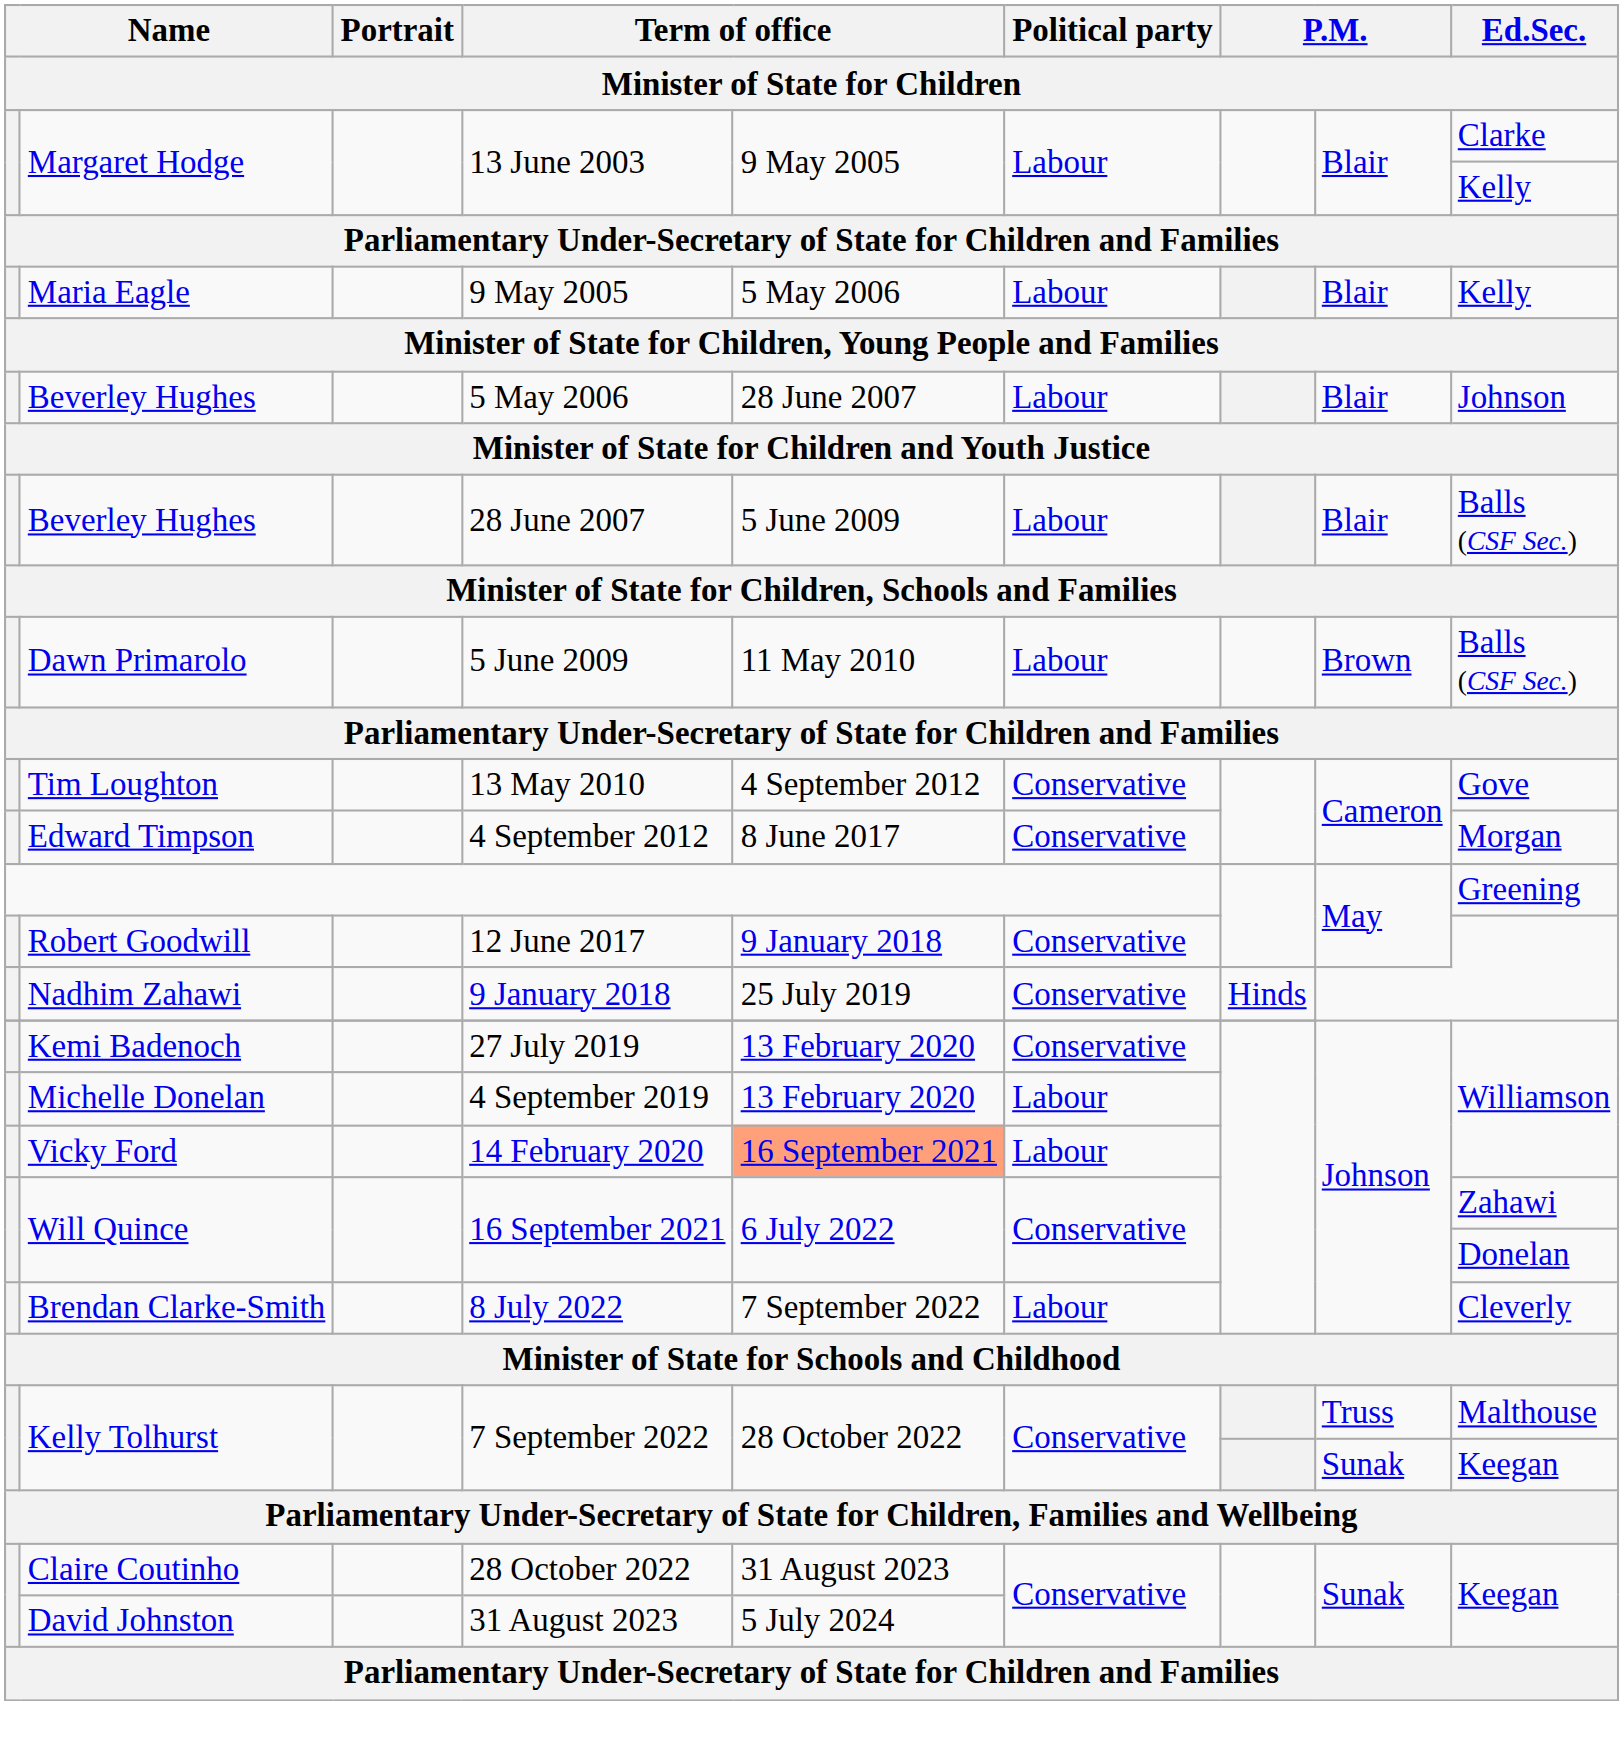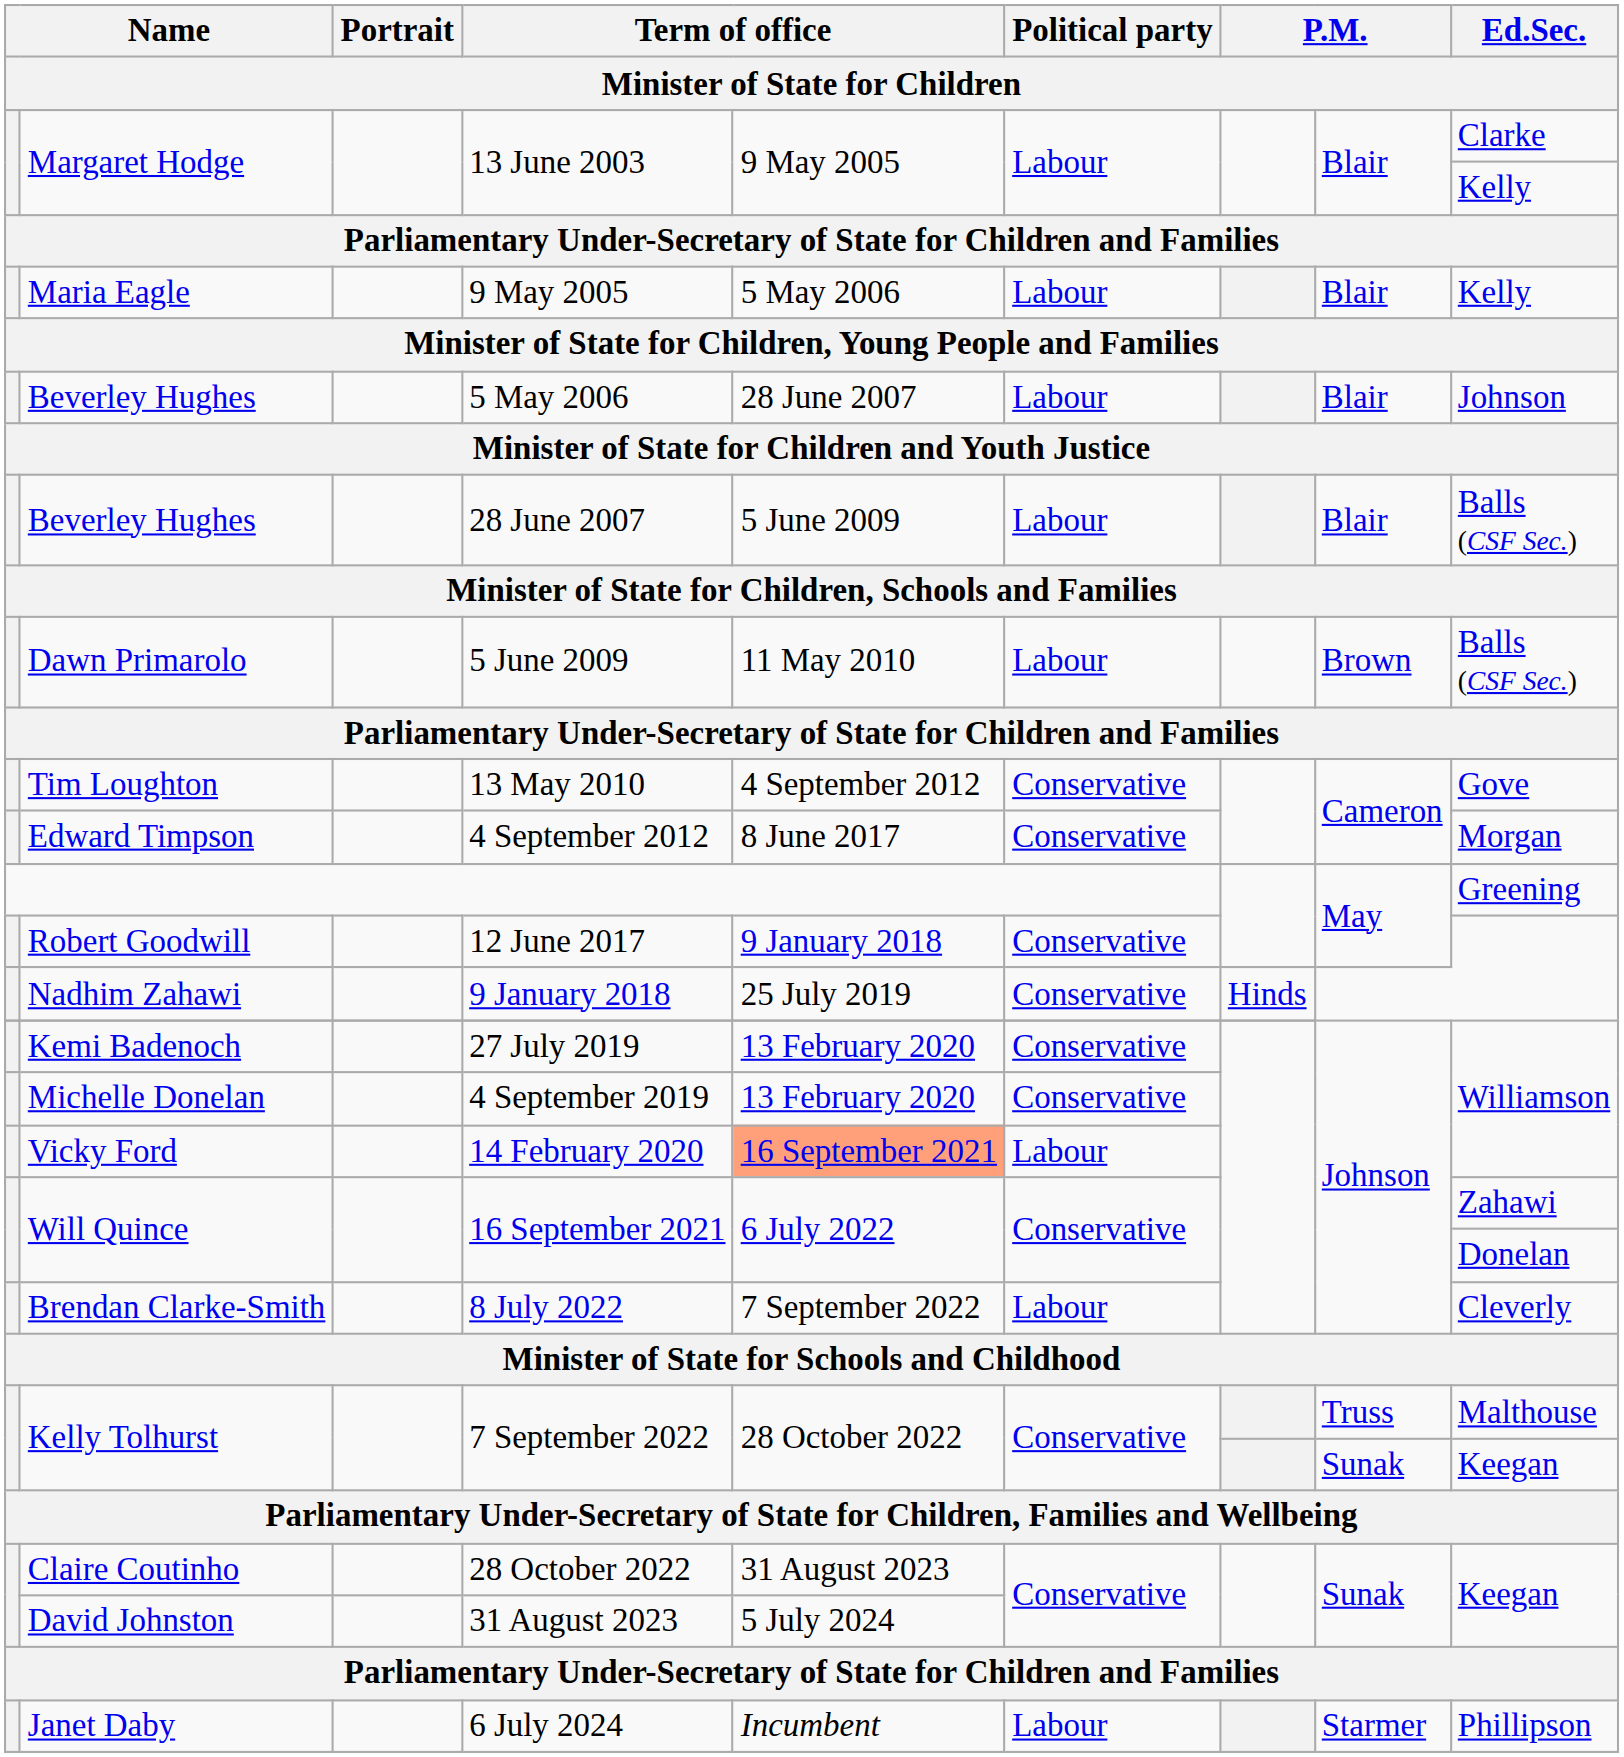 <table class="wikitable">
 <tr>
 <th colspan=2>Name</th>
 <th>Portrait</th>
 <th colspan=2>Term of office</th>
 <th>Political party</th>
 <th colspan=2><a href='#'>P.M.</a></th>
 <th><a href='#'>Ed.Sec.</a></th>
 </tr>
 <tr>
 <th colspan="9">Minister of State for Children</th>
 </tr>
 <tr>
 <th rowspan=2 style="background-color: "></th>
 <td rowspan=2><a href='#'>Margaret Hodge</a></td>
 <td rowspan=2></td>
 <td rowspan=2>13 June 2003</td>
 <td rowspan=2>9 May 2005</td>
 <td rowspan=2><a href='#'>Labour</a></td>
 <td rowspan=2 style="background-color: "></td>
 <td rowspan=2><a href='#'>Blair</a></td>
 <td><a href='#'>Clarke</a></td>
 </tr>
 <tr>
 <td><a href='#'>Kelly</a></td>
 </tr>
 <tr>
 <th colspan="9">Parliamentary Under-Secretary of State for Children and Families</th>
 </tr>
 <tr>
 <th style="background-color: "></th>
 <td><a href='#'>Maria Eagle</a></td>
 <td></td>
 <td>9 May 2005</td>
 <td>5 May 2006</td>
 <td><a href='#'>Labour</a></td>
 <th style="background-color: "></th>
 <td><a href='#'>Blair</a></td>
 <td><a href='#'>Kelly</a></td>
 </tr>
 <tr>
 <th colspan="9">Minister of State for Children, Young People and Families</th>
 </tr>
 <tr>
 <th style="background-color: "></th>
 <td><a href='#'>Beverley Hughes</a></td>
 <td></td>
 <td>5 May 2006</td>
 <td>28 June 2007</td>
 <td><a href='#'>Labour</a></td>
 <th style="background-color: "></th>
 <td><a href='#'>Blair</a></td>
 <td><a href='#'>Johnson</a></td>
 </tr>
 <tr>
 <th colspan="9">Minister of State for Children and Youth Justice</th>
 </tr>
 <tr>
 <th style="background-color: "></th>
 <td><a href='#'>Beverley Hughes</a></td>
 <td></td>
 <td>28 June 2007</td>
 <td>5 June 2009</td>
 <td><a href='#'>Labour</a></td>
 <th style="background-color: "></th>
 <td><a href='#'>Blair</a></td>
 <td><a href='#'>Balls</a><br><small>(<em><a href='#'>CSF Sec.</a></em>)</small></td>
 </tr>
 <tr>
 <th colspan="9">Minister of State for Children, Schools and Families</th>
 </tr>
 <tr>
 <th style="background-color: "></th>
 <td><a href='#'>Dawn Primarolo</a></td>
 <td></td>
 <td>5 June 2009</td>
 <td>11 May 2010</td>
 <td><a href='#'>Labour</a></td>
 <td style="background-color: "></td>
 <td><a href='#'>Brown</a></td>
 <td><a href='#'>Balls</a><br><small>(<em><a href='#'>CSF Sec.</a></em>)</small></td>
 </tr>
 <tr>
 <th colspan="9">Parliamentary Under-Secretary of State for Children and Families</th>
 </tr>
 <tr>
 <th style="background-color: "></th>
 <td><a href='#'>Tim Loughton</a></td>
 <td></td>
 <td>13 May 2010</td>
 <td>4 September 2012</td>
 <td><a href='#'>Conservative</a></td>
 <td rowspan=3 style="background-color: "></td>
 <td rowspan=3><a href='#'>Cameron</a></td>
 <td rowspan=2><a href='#'>Gove</a></td>
 </tr>
 <tr>
 <th rowspan=3 style="background-color: "></th>
 <td rowspan=3><a href='#'>Edward Timpson</a></td>
 <td rowspan=3></td>
 <td rowspan=3>4 September 2012</td>
 <td rowspan=3>8 June 2017</td>
 <td rowspan=3><a href='#'>Conservative</a></td>
 </tr>
 <tr>
 <td><a href='#'>Morgan</a></td>
 </tr>
 <tr>
 <td rowspan=3 style="background-color: "></td>
 <td rowspan=3><a href='#'>May</a></td>
 <td rowspan=2><a href='#'>Greening</a></td>
 </tr>
 <tr>
 </tr>
 <tr>
 <th style="background-color: "></th>
 <td><a href='#'>Robert Goodwill</a></td>
 <td></td>
 <td>12 June 2017</td>
 <td><a href='#'>9 January 2018</a></td>
 <td><a href='#'>Conservative</a></td>
 </tr>
 <tr>
 <th style="background-color: "></th>
 <td><a href='#'>Nadhim Zahawi</a></td>
 <td></td>
 <td><a href='#'>9 January 2018</a></td>
 <td>25 July 2019</td>
 <td><a href='#'>Conservative</a></td>
 <td><a href='#'>Hinds</a></td>
 </tr>
 <tr>
 </tr>
 <tr>
 <th style="background-color: "></th>
 <td><a href='#'>Kemi Badenoch</a></td>
 <td></td>
 <td>27 July 2019</td>
 <td><a href='#'>13 February 2020</a></td>
 <td><a href='#'>Conservative</a></td>
 <td rowspan=6 style="background-color: "></td>
 <td rowspan="6"><a href='#'>Johnson</a></td>
 <td rowspan=3><a href='#'>Williamson</a></td>
 </tr>
 <tr>
 <th style="background-color: "></th>
 <td><a href='#'>Michelle Donelan</a></td>
 <td></td>
 <td>4 September 2019</td>
 <td><a href='#'>13 February 2020</a></td>
-<td><a href='#'>Labour</a></td>
+<td><a href='#'>Conservative</a></td>
 </tr>
 <tr>
 <th style="background-color: "></th>
 <td><a href='#'>Vicky Ford</a></td>
 <td></td>
 <td><a href='#'>14 February 2020</a></td>
 <td style="background: lightsalmon;"><a href='#'>16 September 2021</a></td>
 <td><a href='#'>Labour</a></td>
 </tr>
 <tr>
 <th rowspan="2" style="background-color: "></th>
 <td rowspan="2"><a href='#'>Will Quince</a></td>
 <td rowspan="2"></td>
 <td rowspan="2"><a href='#'>16 September 2021</a></td>
 <td rowspan="2"><a href='#'>6 July 2022</a></td>
 <td rowspan="2"><a href='#'>Conservative</a></td>
 <td><a href='#'>Zahawi</a></td>
 </tr>
 <tr>
 <td><a href='#'>Donelan</a></td>
 </tr>
 <tr>
 <th style="background-color: "></th>
 <td><a href='#'>Brendan Clarke-Smith</a></td>
 <td></td>
 <td><a href='#'>8 July 2022</a></td>
 <td>7 September 2022</td>
 <td><a href='#'>Labour</a></td>
 <td><a href='#'>Cleverly</a></td>
 </tr>
 <tr>
 <th colspan="9">Minister of State for Schools and Childhood</th>
 </tr>
 <tr>
 <th rowspan="2" style="background-color: "></th>
 <td rowspan="2"><a href='#'>Kelly Tolhurst</a></td>
 <td rowspan="2"></td>
 <td rowspan="2">7 September 2022</td>
 <td rowspan="2">28 October 2022</td>
 <td rowspan="2"><a href='#'>Conservative</a></td>
 <th style="background-color: "></th>
 <td><a href='#'>Truss</a></td>
 <td><a href='#'>Malthouse</a></td>
 </tr>
 <tr>
 <th style="background-color: "></th>
 <td><a href='#'>Sunak</a></td>
 <td><a href='#'>Keegan</a></td>
 </tr>
 <tr>
 <th colspan="9">Parliamentary Under-Secretary of State for Children, Families and Wellbeing</th>
 </tr>
 <tr>
 <th rowspan="2" style="background-color: "></th>
 <td><a href='#'>Claire Coutinho</a></td>
 <td></td>
 <td>28 October 2022</td>
 <td>31 August 2023</td>
 <td rowspan="2"><a href='#'>Conservative</a></td>
 <td rowspan="2" style="background-color: "></td>
 <td rowspan="2"><a href='#'>Sunak</a></td>
 <td rowspan="2"><a href='#'>Keegan</a></td>
 </tr>
 <tr>
 <td><a href='#'>David Johnston</a></td>
 <td></td>
 <td>31 August 2023</td>
 <td>5 July 2024</td>
 </tr>
 <tr>
 <th colspan="9">Parliamentary Under-Secretary of State for Children and Families</th>
 </tr>
+<tr>
+<th style="background-color: "></th>
+<td><a href='#'>Janet Daby</a></td>
+<td></td>
+<td>6 July 2024</td>
+<td><em>Incumbent</em></td>
+<td><a href='#'>Labour</a></td>
+<th style="background-color: "></th>
+<td><a href='#'>Starmer</a></td>
+<td><a href='#'>Phillipson</a></td>
+</tr>
 </table>
